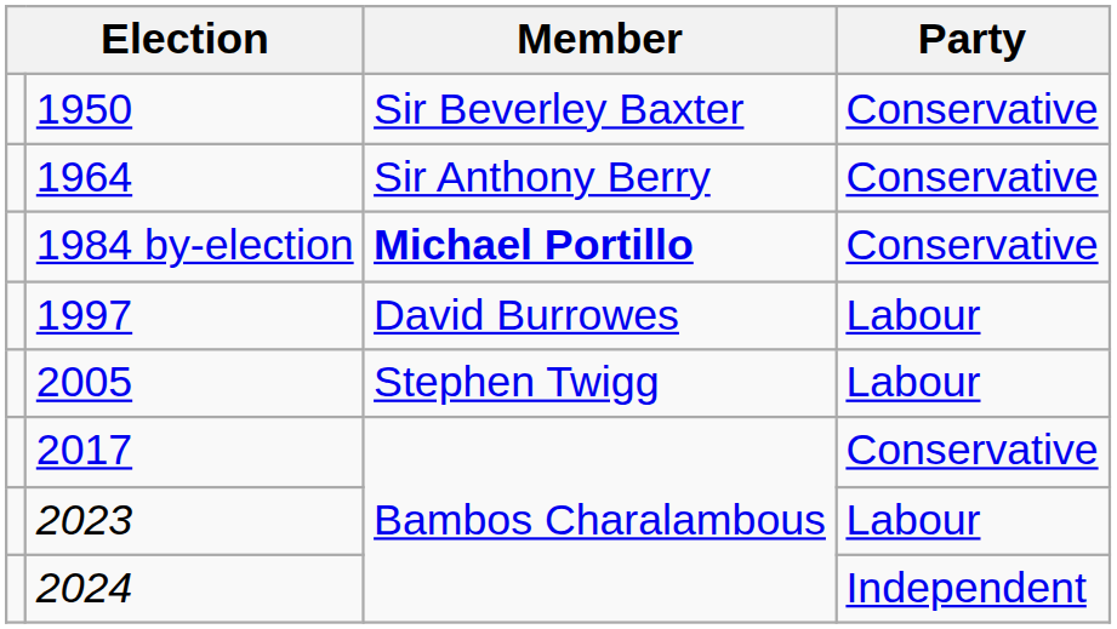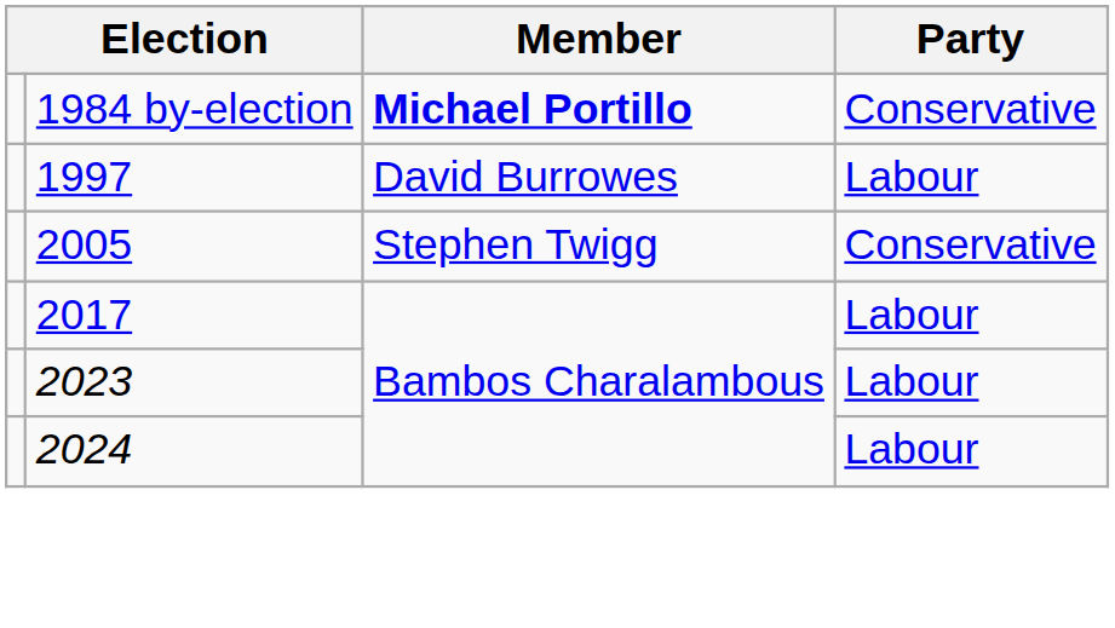 <table class="wikitable">
 <tr>
 <th colspan="2">Election</th>
 <th>Member</th>
 <th>Party</th>
-</tr>
-<tr>
-<td style="color:inherit;background-color: "></td>
-<td><a href='#'>1950</a></td>
-<td><a href='#'>Sir Beverley Baxter</a></td>
-<td><a href='#'>Conservative</a></td>
-</tr>
-<tr>
-<td style="color:inherit;background-color: "></td>
-<td><a href='#'>1964</a></td>
-<td><a href='#'>Sir Anthony Berry</a></td>
-<td><a href='#'>Conservative</a></td>
 </tr>
 <tr>
 <td style="color:inherit;background-color: "></td>
 <td><a href='#'>1984 by-election</a></td>
 <td><strong><a href='#'>Michael Portillo</a></strong></td>
 <td><a href='#'>Conservative</a></td>
 </tr>
 <tr>
 <td style="color:inherit;background-color: "></td>
 <td><a href='#'>1997</a></td>
 <td><a href='#'>David Burrowes</a></td>
 <td><a href='#'>Labour</a></td>
 </tr>
 <tr>
 <td style="color:inherit;background-color: "></td>
 <td><a href='#'>2005</a></td>
 <td><a href='#'>Stephen Twigg</a></td>
-<td><a href='#'>Labour</a></td>
+<td><a href='#'>Conservative</a></td>
 </tr>
 <tr>
 <td style="color:inherit;background-color: "></td>
 <td><a href='#'>2017</a></td>
 <td rowspan=3><a href='#'>Bambos Charalambous</a></td>
-<td><a href='#'>Conservative</a></td>
+<td><a href='#'>Labour</a></td>
 </tr>
 <tr>
 <td style="color:inherit;background-color: "></td>
 <td><em>2023</em></td>
 <td><a href='#'>Labour</a></td>
 </tr>
 <tr>
 <td style="color:inherit;background-color: "></td>
 <td><em>2024</em></td>
-<td><a href='#'>Independent</a></td>
+<td><a href='#'>Labour</a></td>
 </tr>
 </table>
